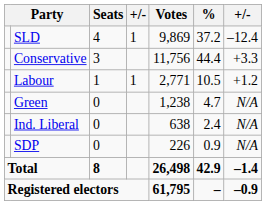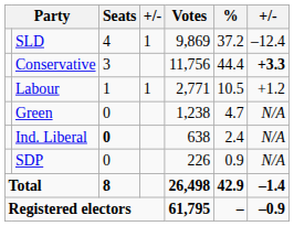 <table class="wikitable sortable">
 <tr>
 <th colspan="2">Party</th>
 <th>Seats</th>
 <th>+/-</th>
 <th>Votes</th>
 <th>%</th>
 <th>+/-</th>
 </tr>
 <tr>
 <td style="background-color: "></td>
 <td><a href='#'>SLD</a></td>
 <td>4</td>
 <td> 1</td>
 <td style="text-align:right;">9,869</td>
 <td style="text-align:right;">37.2</td>
 <td style="text-align:right;">–12.4</td>
 </tr>
 <tr>
 <td style="background-color: "></td>
 <td><a href='#'>Conservative</a></td>
 <td>3</td>
 <td></td>
 <td style="text-align:right;">11,756</td>
 <td style="text-align:right;">44.4</td>
-<td style="text-align:right;">+3.3</td>
+<td style="text-align:right;"><strong>+3.3</strong></td>
 </tr>
 <tr>
 <td style="background-color: "></td>
 <td><a href='#'>Labour</a></td>
 <td>1</td>
 <td> 1</td>
 <td style="text-align:right;">2,771</td>
 <td style="text-align:right;">10.5</td>
 <td style="text-align:right;">+1.2</td>
 </tr>
 <tr>
 <td style="background-color: "></td>
 <td><a href='#'>Green</a></td>
 <td>0</td>
 <td></td>
 <td style="text-align:right;">1,238</td>
 <td style="text-align:right;">4.7</td>
 <td style="text-align:right;"><em>N/A</em></td>
 </tr>
 <tr>
 <td style="background-color: "></td>
 <td><a href='#'>Ind. Liberal</a></td>
-<td>0</td>
+<td><strong>0</strong></td>
 <td></td>
 <td style="text-align:right;">638</td>
 <td style="text-align:right;">2.4</td>
 <td style="text-align:right;"><em>N/A</em></td>
 </tr>
 <tr>
 <td style="background-color: "></td>
 <td><a href='#'>SDP</a></td>
 <td>0</td>
 <td></td>
 <td style="text-align:right;">226</td>
 <td style="text-align:right;">0.9</td>
 <td style="text-align:right;"><em>N/A</em></td>
 </tr>
 <tr>
 <td colspan="2"><strong>Total</strong></td>
 <td><strong>8</strong></td>
 <td></td>
 <td style="text-align:right;"><strong>26,498</strong></td>
 <td style="text-align:right;"><strong>42.9</strong></td>
 <td style="text-align:right;"><strong>–1.4</strong></td>
 </tr>
 <tr>
 <td colspan="4"><strong>Registered electors</strong></td>
 <td style="text-align:right;"><strong>61,795</strong></td>
 <td style="text-align:right;"><strong>–</strong></td>
 <td style="text-align:right;"><strong>–0.9</strong></td>
 </tr>
 </table>
